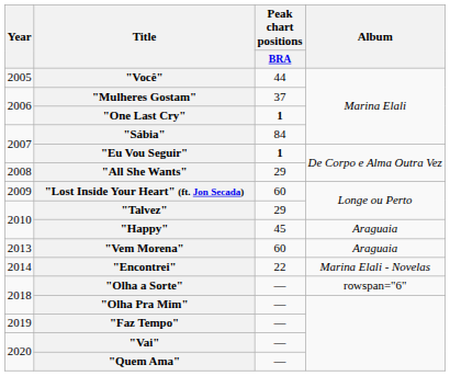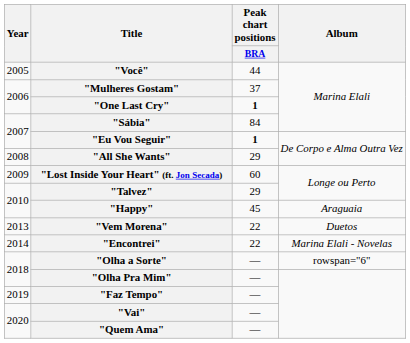 <table class="wikitable plainrowheaders" style="text-align:center;" border="1">
 <tr>
 <th scope="col" rowspan="2">Year</th>
 <th scope="col" rowspan="2" style="width:18em;">Title</th>
 <th scope="col" colspan="1">Peak chart positions</th>
 <th scope="col" rowspan="2">Album</th>
 </tr>
 <tr>
 <th scope="col" style="width:3em;font-size:90%;"><a href='#'>BRA</a></th>
 </tr>
 <tr>
 <td rowspan="1">2005</td>
 <th scope="row">"Você"</th>
 <td>44</td>
 <td rowspan="4"><em>Marina Elali</em></td>
 </tr>
 <tr>
 <td rowspan="2">2006</td>
 <th scope="row">"Mulheres Gostam"</th>
 <td>37</td>
 </tr>
 <tr>
 <th scope="row">"One Last Cry"</th>
 <td><strong>1</strong></td>
 </tr>
 <tr>
 <td rowspan="2">2007</td>
 <th scope="row">"Sábia"</th>
 <td>84</td>
 </tr>
 <tr>
 <th scope="row">"Eu Vou Seguir"</th>
 <td><strong>1</strong></td>
 <td rowspan="2"><em>De Corpo e Alma Outra Vez</em></td>
 </tr>
 <tr>
 <td rowspan="1">2008</td>
 <th scope="row">"All She Wants"</th>
 <td>29</td>
 </tr>
 <tr>
 <td rowspan="1">2009</td>
 <th scope="row">"Lost Inside Your Heart" <small>(ft. <a href='#'>Jon Secada</a>)</small></th>
 <td>60</td>
 <td rowspan="2"><em>Longe ou Perto</em></td>
 </tr>
 <tr>
 <td rowspan="2">2010</td>
 <th scope="row">"Talvez"</th>
 <td>29</td>
 </tr>
 <tr>
 <th scope="row">"Happy"</th>
 <td>45</td>
 <td rowspan="1"><em>Araguaia</em></td>
 </tr>
 <tr>
 <td rowspan="1">2013</td>
 <th scope="row">"Vem Morena"</th>
-<td>60</td>
-<td rowspan="1"><em>Araguaia</em></td>
+<td>22</td>
+<td rowspan="1"><em>Duetos</em></td>
 </tr>
 <tr>
 <td rowspan="1">2014</td>
 <th scope="row">"Encontrei"</th>
 <td>22</td>
 <td rowspan="1"><em>Marina Elali - Novelas</em></td>
 </tr>
 <tr>
 <td rowspan="2">2018</td>
 <th scope="row">"Olha a Sorte"</th>
 <td>—</td>
 <td>rowspan="6" </td>
 </tr>
 <tr>
 <th scope="row">"Olha Pra Mim"</th>
 <td>—</td>
 </tr>
 <tr>
 <td rowspan="1">2019</td>
 <th scope="row">"Faz Tempo"</th>
 <td>—</td>
 </tr>
 <tr>
 <td rowspan="2">2020</td>
 <th scope="row">"Vai"</th>
 <td>—</td>
 </tr>
 <tr>
 <th scope="row">"Quem Ama"</th>
 <td>—</td>
 </tr>
 </table>
